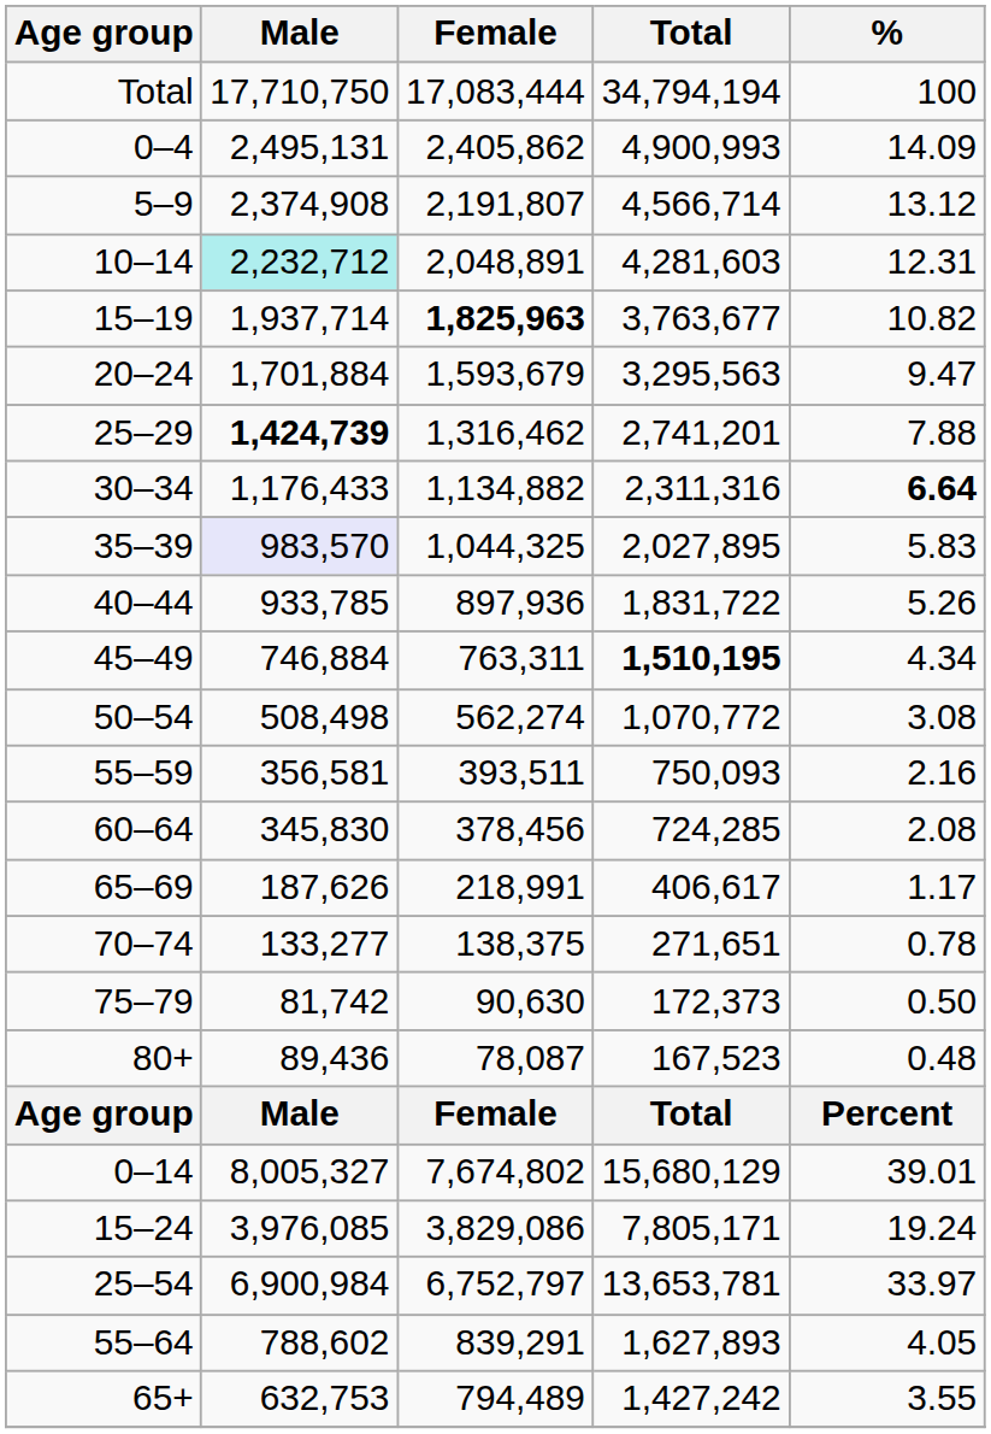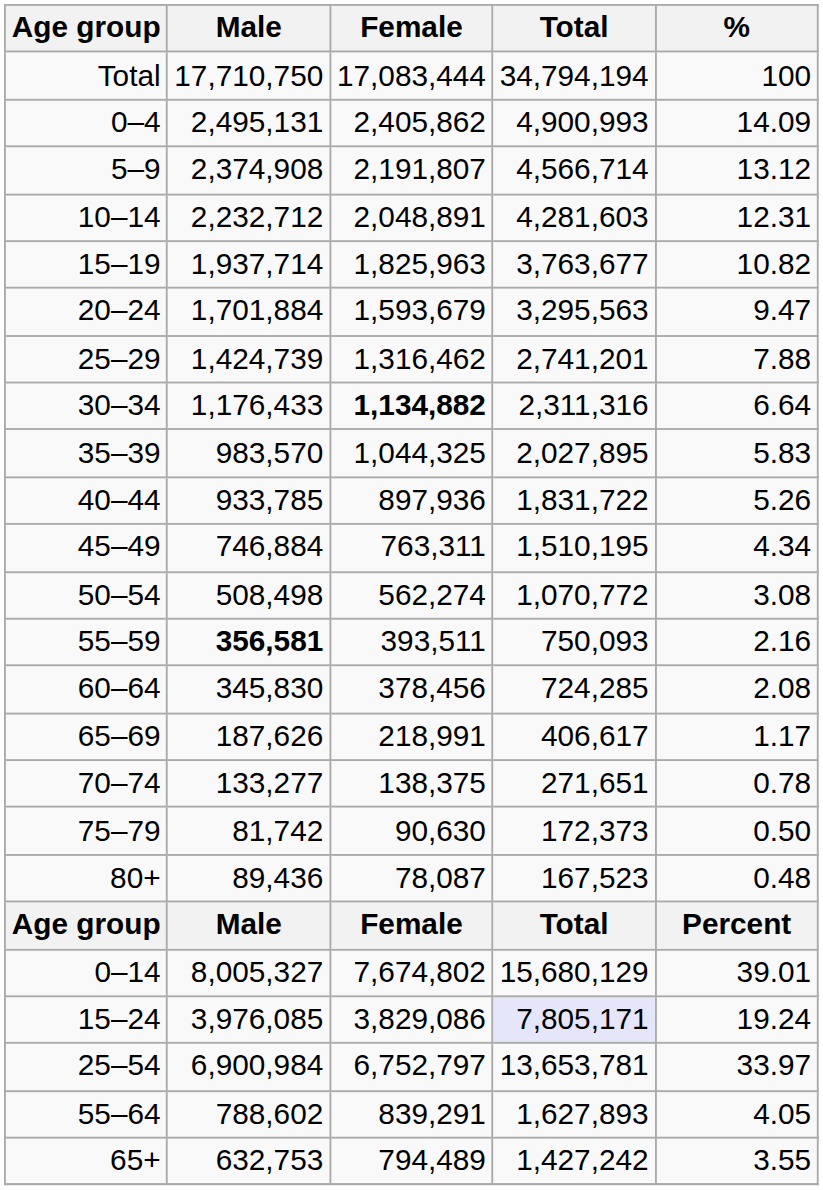 <table class="wikitable">
 <tr>
 <th width="80pt">Age group</th>
 <th width="80pt">Male</th>
 <th width="80pt">Female</th>
 <th width="80pt">Total</th>
 <th width="80pt">%</th>
 </tr>
 <tr>
 <td align="right">Total</td>
 <td align="right">17,710,750</td>
 <td align="right">17,083,444</td>
 <td align="right">34,794,194</td>
 <td align="right">100</td>
 </tr>
 <tr>
 <td align="right">0–4</td>
 <td align="right">2,495,131</td>
 <td align="right">2,405,862</td>
 <td align="right">4,900,993</td>
 <td align="right">14.09</td>
 </tr>
 <tr>
 <td align="right">5–9</td>
 <td align="right">2,374,908</td>
 <td align="right">2,191,807</td>
 <td align="right">4,566,714</td>
 <td align="right">13.12</td>
 </tr>
 <tr>
 <td align="right">10–14</td>
-<td align="right" style="background: paleturquoise;">2,232,712</td>
+<td align="right">2,232,712</td>
 <td align="right">2,048,891</td>
 <td align="right">4,281,603</td>
 <td align="right">12.31</td>
 </tr>
 <tr>
 <td align="right">15–19</td>
 <td align="right">1,937,714</td>
-<td align="right"><strong>1,825,963</strong></td>
+<td align="right">1,825,963</td>
 <td align="right">3,763,677</td>
 <td align="right">10.82</td>
 </tr>
 <tr>
 <td align="right">20–24</td>
 <td align="right">1,701,884</td>
 <td align="right">1,593,679</td>
 <td align="right">3,295,563</td>
 <td align="right">9.47</td>
 </tr>
 <tr>
 <td align="right">25–29</td>
-<td align="right"><strong>1,424,739</strong></td>
+<td align="right">1,424,739</td>
 <td align="right">1,316,462</td>
 <td align="right">2,741,201</td>
 <td align="right">7.88</td>
 </tr>
 <tr>
 <td align="right">30–34</td>
 <td align="right">1,176,433</td>
-<td align="right">1,134,882</td>
+<td align="right"><strong>1,134,882</strong></td>
 <td align="right">2,311,316</td>
-<td align="right"><strong>6.64</strong></td>
+<td align="right">6.64</td>
 </tr>
 <tr>
 <td align="right">35–39</td>
-<td align="right" style="background: lavender;">983,570</td>
+<td align="right">983,570</td>
 <td align="right">1,044,325</td>
 <td align="right">2,027,895</td>
 <td align="right">5.83</td>
 </tr>
 <tr>
 <td align="right">40–44</td>
 <td align="right">933,785</td>
 <td align="right">897,936</td>
 <td align="right">1,831,722</td>
 <td align="right">5.26</td>
 </tr>
 <tr>
 <td align="right">45–49</td>
 <td align="right">746,884</td>
 <td align="right">763,311</td>
-<td align="right"><strong>1,510,195</strong></td>
+<td align="right">1,510,195</td>
 <td align="right">4.34</td>
 </tr>
 <tr>
 <td align="right">50–54</td>
 <td align="right">508,498</td>
 <td align="right">562,274</td>
 <td align="right">1,070,772</td>
 <td align="right">3.08</td>
 </tr>
 <tr>
 <td align="right">55–59</td>
-<td align="right">356,581</td>
+<td align="right"><strong>356,581</strong></td>
 <td align="right">393,511</td>
 <td align="right">750,093</td>
 <td align="right">2.16</td>
 </tr>
 <tr>
 <td align="right">60–64</td>
 <td align="right">345,830</td>
 <td align="right">378,456</td>
 <td align="right">724,285</td>
 <td align="right">2.08</td>
 </tr>
 <tr>
 <td align="right">65–69</td>
 <td align="right">187,626</td>
 <td align="right">218,991</td>
 <td align="right">406,617</td>
 <td align="right">1.17</td>
 </tr>
 <tr>
 <td align="right">70–74</td>
 <td align="right">133,277</td>
 <td align="right">138,375</td>
 <td align="right">271,651</td>
 <td align="right">0.78</td>
 </tr>
 <tr>
 <td align="right">75–79</td>
 <td align="right">81,742</td>
 <td align="right">90,630</td>
 <td align="right">172,373</td>
 <td align="right">0.50</td>
 </tr>
 <tr>
 <td align="right">80+</td>
 <td align="right">89,436</td>
 <td align="right">78,087</td>
 <td align="right">167,523</td>
 <td align="right">0.48</td>
 </tr>
 <tr>
 <th width="50">Age group</th>
 <th width="80pt">Male</th>
 <th width="80">Female</th>
 <th width="80">Total</th>
 <th width="50">Percent</th>
 </tr>
 <tr>
 <td align="right">0–14</td>
 <td align="right">8,005,327</td>
 <td align="right">7,674,802</td>
 <td align="right">15,680,129</td>
 <td align="right">39.01</td>
 </tr>
 <tr>
 <td align="right">15–24</td>
 <td align="right">3,976,085</td>
 <td align="right">3,829,086</td>
-<td align="right">7,805,171</td>
+<td align="right" style="background: lavender;">7,805,171</td>
 <td align="right">19.24</td>
 </tr>
 <tr>
 <td align="right">25–54</td>
 <td align="right">6,900,984</td>
 <td align="right">6,752,797</td>
 <td align="right">13,653,781</td>
 <td align="right">33.97</td>
 </tr>
 <tr>
 <td align="right">55–64</td>
 <td align="right">788,602</td>
 <td align="right">839,291</td>
 <td align="right">1,627,893</td>
 <td align="right">4.05</td>
 </tr>
 <tr>
 <td align="right">65+</td>
 <td align="right">632,753</td>
 <td align="right">794,489</td>
 <td align="right">1,427,242</td>
 <td align="right">3.55</td>
 </tr>
 <tr>
 </tr>
 </table>
